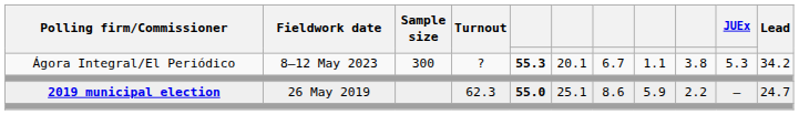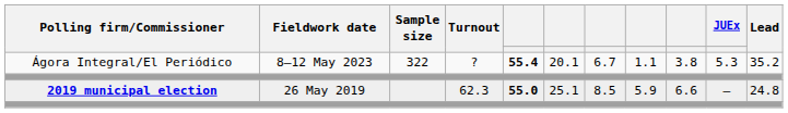 <table class="wikitable collapsible collapsed" style="text-align:center; font-size:95%; line-height:16px;">
 <tr style="height:42px;">
 <th style="width:250px;" rowspan="2">Polling firm/Commissioner</th>
 <th style="width:125px;" rowspan="2">Fieldwork date</th>
 <th style="width:50px;" rowspan="2">Sample size</th>
 <th style="width:45px;" rowspan="2">Turnout</th>
 <th style="width:35px;"></th>
 <th style="width:35px;"></th>
 <th style="width:35px;"></th>
 <th style="width:35px;"></th>
 <th style="width:35px;"></th>
 <th style="width:35px; font-size:90%;"><a href='#'>JUEx</a></th>
 <th style="width:30px;" rowspan="2">Lead</th>
 </tr>
 <tr>
 <th style="color:inherit;background:"></th>
 <th style="color:inherit;background:"></th>
 <th style="color:inherit;background:"></th>
 <th style="color:inherit;background:"></th>
 <th style="color:inherit;background:"></th>
 <th style="color:inherit;background:"></th>
 </tr>
 <tr>
 <td>Ágora Integral/El Periódico</td>
 <td>8–12 May 2023</td>
-<td>300</td>
+<td>322</td>
 <td>?</td>
-<td><strong>55.3</strong><br></td>
+<td><strong>55.4</strong><br></td>
 <td>20.1<br></td>
 <td>6.7<br></td>
 <td>1.1<br></td>
 <td>3.8<br></td>
 <td>5.3<br></td>
-<td style="background:">34.2</td>
+<td style="background:">35.2</td>
 </tr>
 <tr>
 <td colspan="14" style="background:#A0A0A0"></td>
 </tr>
 <tr style="background:#EFEFEF;">
 <td><strong><a href='#'>2019 municipal election</a></strong></td>
 <td>26 May 2019</td>
 <td></td>
 <td>62.3</td>
 <td><strong>55.0</strong><br></td>
 <td>25.1<br></td>
-<td>8.6<br></td>
+<td>8.5<br></td>
 <td>5.9<br></td>
-<td>2.2<br></td>
+<td>6.6<br></td>
 <td>–</td>
-<td style="background:">24.7</td>
+<td style="background:">24.8</td>
 </tr>
 <tr>
 <td colspan="14" style="background:#A0A0A0"></td>
 </tr>
 </table>
